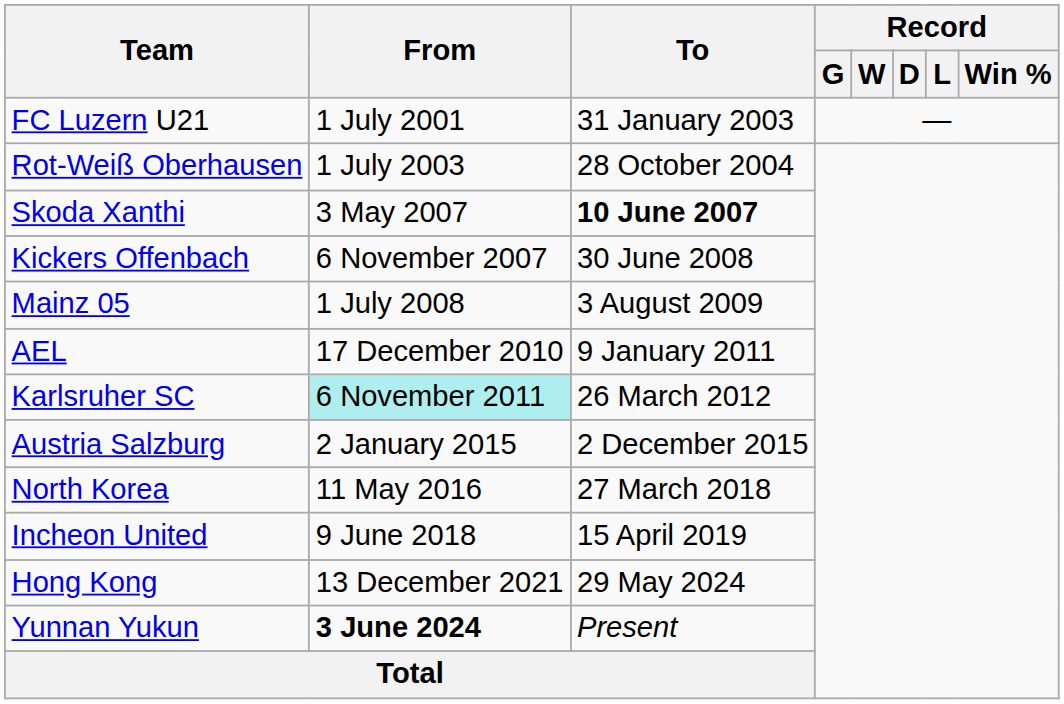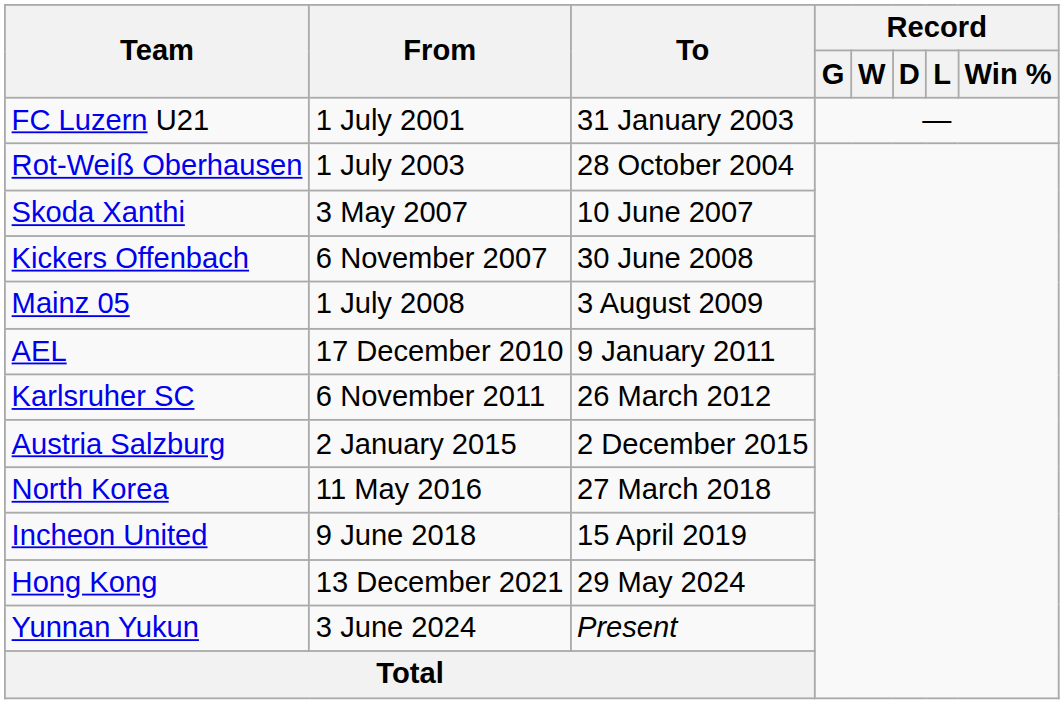 <table class="wikitable" style="text-align: center">
 <tr>
 <th rowspan="2">Team</th>
 <th rowspan="2">From</th>
 <th rowspan="2">To</th>
 <th colspan="8">Record</th>
 </tr>
 <tr>
 <th>G</th>
 <th>W</th>
 <th>D</th>
 <th>L</th>
 <th>Win %</th>
 </tr>
 <tr>
 <td align=left><a href='#'>FC Luzern</a> U21</td>
 <td align=left>1 July 2001</td>
 <td align=left>31 January 2003</td>
 <td colspan=5>—</td>
 </tr>
 <tr>
 <td align=left><a href='#'>Rot-Weiß Oberhausen</a></td>
 <td align=left>1 July 2003</td>
 <td align=left>28 October 2004<br></td>
 </tr>
 <tr>
 <td align=left><a href='#'>Skoda Xanthi</a></td>
 <td align=left>3 May 2007</td>
-<td align=left><strong>10 June 2007<br></strong></td>
+<td align=left>10 June 2007<br></td>
 </tr>
 <tr>
 <td align=left><a href='#'>Kickers Offenbach</a></td>
 <td align=left>6 November 2007</td>
 <td align=left>30 June 2008<br></td>
 </tr>
 <tr>
 <td align=left><a href='#'>Mainz 05</a></td>
 <td align=left>1 July 2008</td>
 <td align=left>3 August 2009<br></td>
 </tr>
 <tr>
 <td align=left><a href='#'>AEL</a></td>
 <td align=left>17 December 2010</td>
 <td align=left>9 January 2011<br></td>
 </tr>
 <tr>
 <td align=left><a href='#'>Karlsruher SC</a></td>
-<td align=left style="background: paleturquoise;">6 November 2011</td>
+<td align=left>6 November 2011</td>
 <td align=left>26 March 2012<br></td>
 </tr>
 <tr>
 <td align=left><a href='#'>Austria Salzburg</a></td>
 <td align=left>2 January 2015</td>
 <td align=left>2 December 2015<br></td>
 </tr>
 <tr>
 <td align=left><a href='#'>North Korea</a></td>
 <td align=left>11 May 2016</td>
 <td align=left>27 March 2018<br></td>
 </tr>
 <tr>
 <td align=left><a href='#'>Incheon United</a></td>
 <td align=left>9 June 2018</td>
 <td align=left>15 April 2019<br></td>
 </tr>
 <tr>
 <td align=left><a href='#'>Hong Kong</a></td>
 <td align=left>13 December 2021</td>
 <td align=left>29 May 2024<br></td>
 </tr>
 <tr>
 <td align=left><a href='#'>Yunnan Yukun</a></td>
-<td align=left><strong>3 June 2024</strong></td>
+<td align=left>3 June 2024</td>
 <td align=left><em>Present</em><br></td>
 </tr>
 <tr>
 <th colspan="3">Total<br></th>
 </tr>
 </table>
